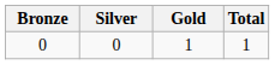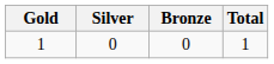 <table class="wikitable" width=20%>
 <tr>
+<th width=30%> Gold</th>
+<th width=30%> Silver</th>
 <th width=30%> Bronze</th>
-<th width=30%> Silver</th>
-<th width=30%> Gold</th>
 <th width=20%>Total</th>
 </tr>
 <tr align=center>
+<td>1</td>
 <td>0</td>
 <td>0</td>
 <td>1</td>
-<td>1</td>
 </tr>
 </table>
